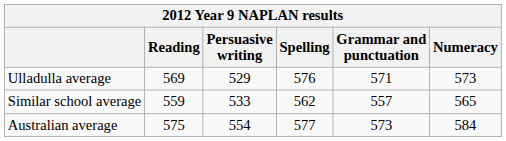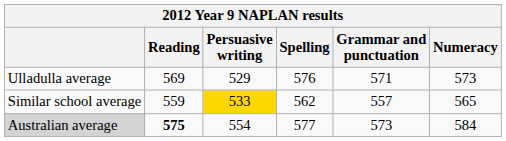 <table class="wikitable sortable" style="text-align: center">
 <tr>
 <th colspan = "6">2012 Year 9 NAPLAN results</th>
 </tr>
 <tr>
 <th></th>
 <th>Reading</th>
 <th>Persuasive<br>writing</th>
 <th>Spelling</th>
 <th>Grammar and<br>punctuation</th>
 <th>Numeracy</th>
 </tr>
 <tr>
 <td align=left>Ulladulla average</td>
 <td>569</td>
 <td>529</td>
 <td>576</td>
 <td>571</td>
 <td>573</td>
 </tr>
 <tr>
 <td align=left>Similar school average</td>
 <td>559</td>
-<td>533</td>
+<td style="background: gold;">533</td>
 <td>562</td>
 <td>557</td>
 <td>565</td>
 </tr>
 <tr>
-<td align=left>Australian average</td>
-<td>575</td>
+<td align=left style="background: lightgrey;">Australian average</td>
+<td><strong>575</strong></td>
 <td>554</td>
 <td>577</td>
 <td>573</td>
 <td>584</td>
 </tr>
 </table>
